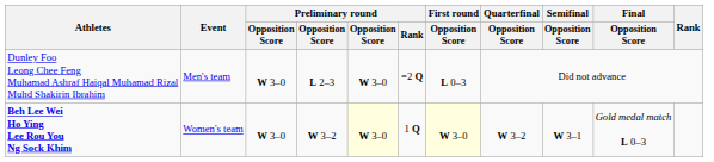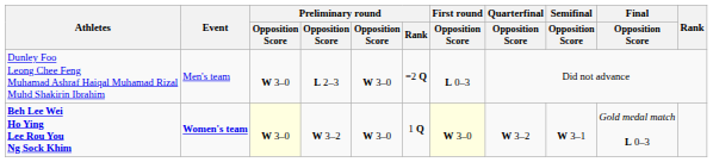 <table class="wikitable" style="font-size:90%">
 <tr>
 <th rowspan=2>Athletes</th>
 <th rowspan=2>Event</th>
 <th colspan=4>Preliminary round</th>
 <th>First round</th>
 <th>Quarterfinal</th>
 <th>Semifinal</th>
 <th>Final</th>
 <th rowspan=2>Rank</th>
 </tr>
 <tr style="font-size:95%">
 <th>Opposition<br>Score</th>
 <th>Opposition<br>Score</th>
 <th>Opposition<br>Score</th>
 <th>Rank</th>
 <th>Opposition<br>Score</th>
 <th>Opposition<br>Score</th>
 <th>Opposition<br>Score</th>
 <th>Opposition<br>Score</th>
 </tr>
 <tr align=center>
 <td align=left><a href='#'>Dunley Foo</a><br><a href='#'>Leong Chee Feng</a><br><a href='#'>Muhamad Ashraf Haiqal Muhamad Rizal</a><br><a href='#'>Muhd Shakirin Ibrahim</a></td>
 <td align=left><a href='#'>Men's team</a></td>
 <td><br><strong>W</strong> 3–0</td>
 <td><br><strong>L</strong> 2–3</td>
 <td><br><strong>W</strong> 3–0</td>
 <td>=2 <strong>Q</strong></td>
 <td><br><strong>L</strong> 0–3</td>
 <td colspan=4>Did not advance</td>
 </tr>
 <tr align=center>
 <td align=left><strong><a href='#'>Beh Lee Wei</a><br><a href='#'>Ho Ying</a><br><a href='#'>Lee Rou You</a><br><a href='#'>Ng Sock Khim</a></strong></td>
-<td align=left><a href='#'>Women's team</a></td>
+<td align=left><strong><a href='#'>Women's team</a></strong></td>
+<td style="background: lightyellow;"><br><strong>W</strong> 3–0</td>
+<td><br><strong>W</strong> 3–2</td>
 <td><br><strong>W</strong> 3–0</td>
-<td><br><strong>W</strong> 3–2</td>
-<td style="background: lightyellow;"><br><strong>W</strong> 3–0</td>
 <td>1 <strong>Q</strong></td>
 <td style="background: lightyellow;"><br><strong>W</strong> 3–0</td>
 <td><br><strong>W</strong> 3–2</td>
 <td><br><strong>W</strong> 3–1</td>
 <td><em>Gold medal match</em><br><br><strong>L</strong> 0–3</td>
 <td></td>
 </tr>
 </table>
